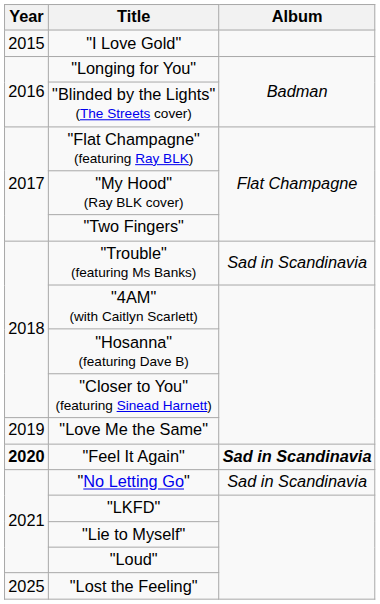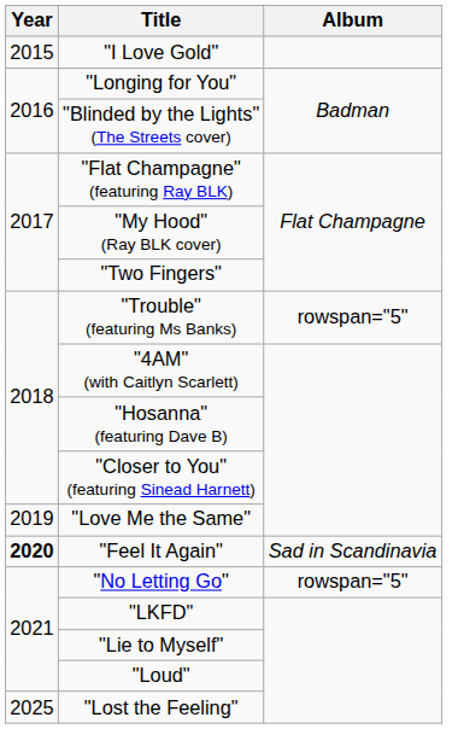 <table class="wikitable plainrowheaders" style="text-align:center;">
 <tr>
 <th>Year</th>
 <th>Title</th>
 <th>Album</th>
 </tr>
 <tr>
 <td rowspan="1">2015</td>
 <td>"I Love Gold"</td>
 <td></td>
 </tr>
 <tr>
 <td rowspan="2">2016</td>
 <td>"Longing for You"</td>
 <td rowspan="2"><em>Badman</em></td>
 </tr>
 <tr>
 <td>"Blinded by the Lights"<br><small>(<a href='#'>The Streets</a> cover)</small></td>
 </tr>
 <tr>
 <td rowspan="3">2017</td>
 <td>"Flat Champagne"<br><small>(featuring <a href='#'>Ray BLK</a>)</small></td>
 <td rowspan="3"><em>Flat Champagne</em></td>
 </tr>
 <tr>
 <td>"My Hood"<br><small>(Ray BLK cover)</small></td>
 </tr>
 <tr>
 <td>"Two Fingers"</td>
 </tr>
 <tr>
 <td rowspan="4">2018</td>
 <td>"Trouble"<br><small>(featuring Ms Banks)</small></td>
-<td><em>Sad in Scandinavia</em></td>
+<td>rowspan="5" </td>
 </tr>
 <tr>
 <td>"4AM"<br><small>(with Caitlyn Scarlett)</small></td>
 </tr>
 <tr>
 <td>"Hosanna"<br><small>(featuring Dave B)</small></td>
 </tr>
 <tr>
 <td>"Closer to You"<br><small>(featuring <a href='#'>Sinead Harnett</a>)</small></td>
 </tr>
 <tr>
 <td>2019</td>
 <td>"Love Me the Same"</td>
 </tr>
 <tr>
 <td><strong>2020</strong></td>
 <td>"Feel It Again"<br></td>
-<td><strong><em>Sad in Scandinavia</em></strong></td>
+<td><em>Sad in Scandinavia</em></td>
 </tr>
 <tr>
 <td rowspan="4">2021</td>
 <td>"<a href='#'>No Letting Go</a>"</td>
-<td><em>Sad in Scandinavia</em></td>
+<td>rowspan="5" </td>
 </tr>
 <tr>
 <td>"LKFD"</td>
 </tr>
 <tr>
 <td>"Lie to Myself"</td>
 </tr>
 <tr>
 <td>"Loud"</td>
 </tr>
 <tr>
 <td rowspan="1">2025</td>
 <td>"Lost the Feeling"</td>
 </tr>
 </table>
